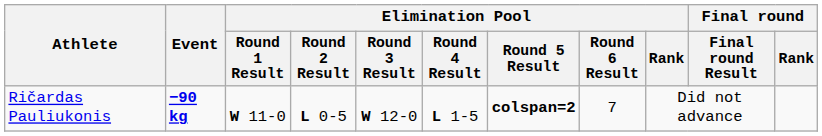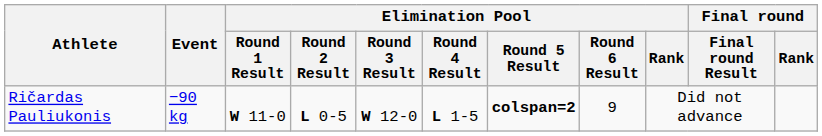 <table class="wikitable" style="font-size:90%">
 <tr>
 <th rowspan="2">Athlete</th>
 <th rowspan="2">Event</th>
 <th colspan=7>Elimination Pool</th>
 <th colspan=2>Final round</th>
 </tr>
 <tr style="font-size: 95%">
 <th>Round 1<br>Result</th>
 <th>Round 2<br>Result</th>
 <th>Round 3<br>Result</th>
 <th>Round 4<br>Result</th>
 <th>Round 5<br>Result</th>
 <th>Round 6<br>Result</th>
 <th>Rank</th>
 <th>Final round<br>Result</th>
 <th>Rank</th>
 </tr>
 <tr align=center>
 <td align=left><a href='#'>Ričardas Pauliukonis</a></td>
-<td align=left><strong><a href='#'>−90 kg</a></strong></td>
+<td align=left><a href='#'>−90 kg</a></td>
 <td><br><strong>W</strong> 11-0</td>
 <td><br><strong>L</strong> 0-5</td>
 <td><br><strong>W</strong> 12-0</td>
 <td><br><strong>L</strong> 1-5</td>
 <td><strong>colspan=2 </strong></td>
-<td>7</td>
+<td>9</td>
 <td colspan=2>Did not advance</td>
 </tr>
 </table>
